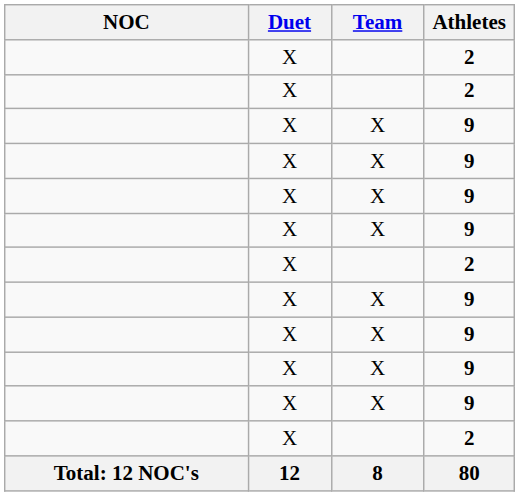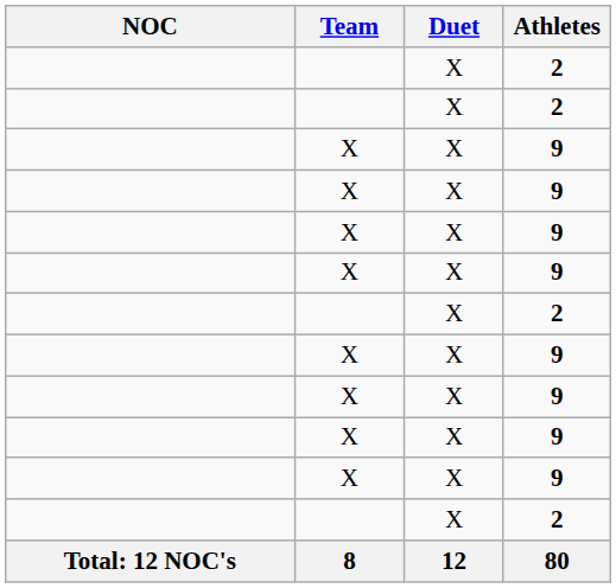 <table class="wikitable sortable" width=350 style="text-align:center; font-size:90%">
 <tr>
 <th>NOC</th>
+<th><a href='#'>Team</a></th>
 <th><a href='#'>Duet</a></th>
-<th><a href='#'>Team</a></th>
 <th width=55>Athletes</th>
 </tr>
 <tr>
 <td align=left></td>
+<td></td>
 <td>X</td>
-<td></td>
 <td><strong>2</strong></td>
 </tr>
 <tr>
 <td align=left></td>
+<td></td>
 <td>X</td>
-<td></td>
 <td><strong>2</strong></td>
 </tr>
 <tr>
 <td align=left></td>
 <td>X</td>
 <td>X</td>
 <td><strong>9</strong></td>
 </tr>
 <tr>
 <td align=left></td>
 <td>X</td>
 <td>X</td>
 <td><strong>9</strong></td>
 </tr>
 <tr>
 <td align=left></td>
 <td>X</td>
 <td>X</td>
 <td><strong>9</strong></td>
 </tr>
 <tr>
 <td align=left></td>
 <td>X</td>
 <td>X</td>
 <td><strong>9</strong></td>
 </tr>
 <tr>
 <td align=left></td>
+<td></td>
 <td>X</td>
-<td></td>
 <td><strong>2</strong></td>
 </tr>
 <tr>
 <td align=left></td>
 <td>X</td>
 <td>X</td>
 <td><strong>9</strong></td>
 </tr>
 <tr>
 <td align=left></td>
 <td>X</td>
 <td>X</td>
 <td><strong>9</strong></td>
 </tr>
 <tr>
 <td align=left></td>
 <td>X</td>
 <td>X</td>
 <td><strong>9</strong></td>
 </tr>
 <tr>
 <td align=left></td>
 <td>X</td>
 <td>X</td>
 <td><strong>9</strong></td>
 </tr>
 <tr>
 <td align=left></td>
+<td></td>
 <td>X</td>
-<td></td>
 <td><strong>2</strong></td>
 </tr>
 <tr>
 <th>Total: 12 NOC's</th>
+<th>8</th>
 <th>12</th>
-<th>8</th>
 <th>80</th>
 </tr>
 </table>
